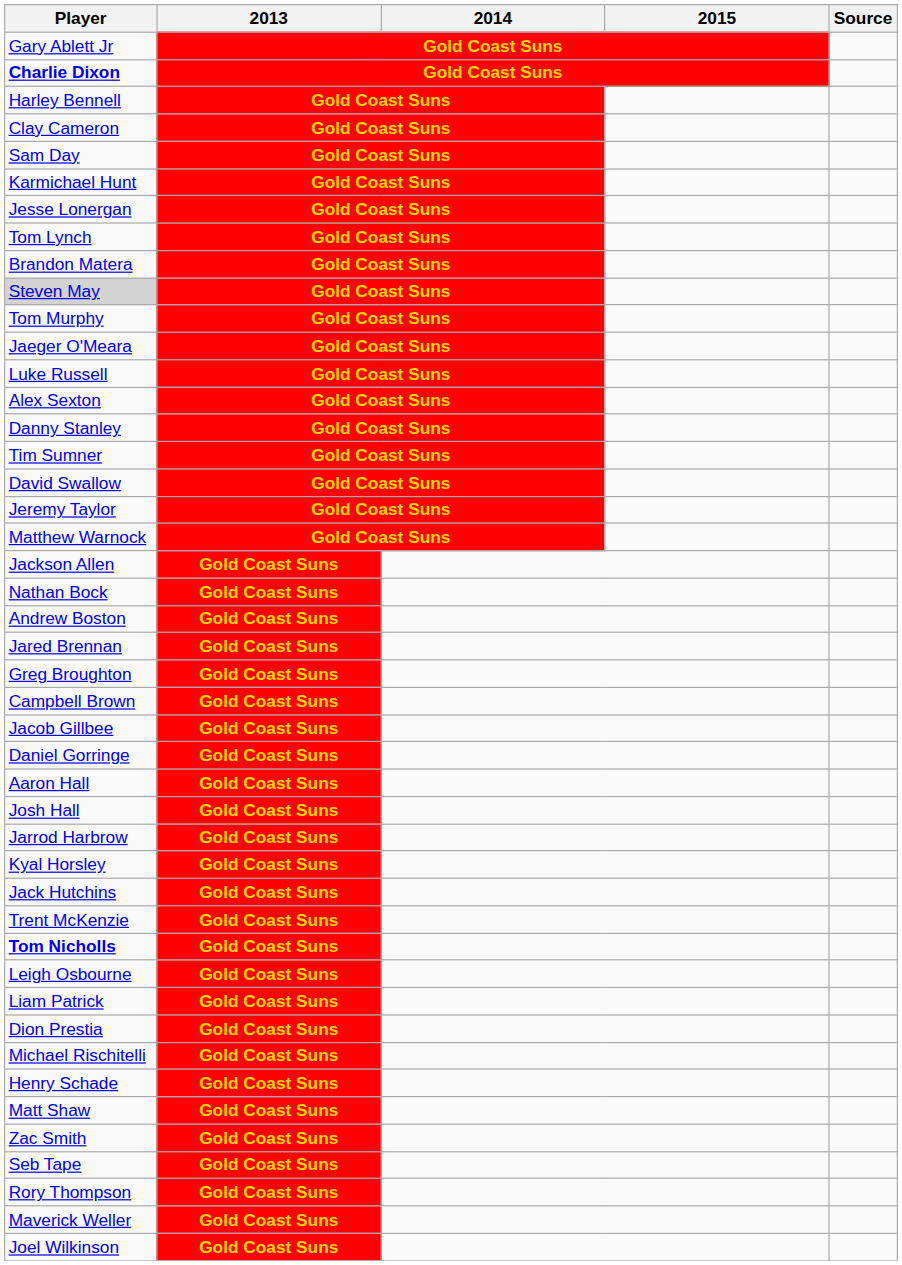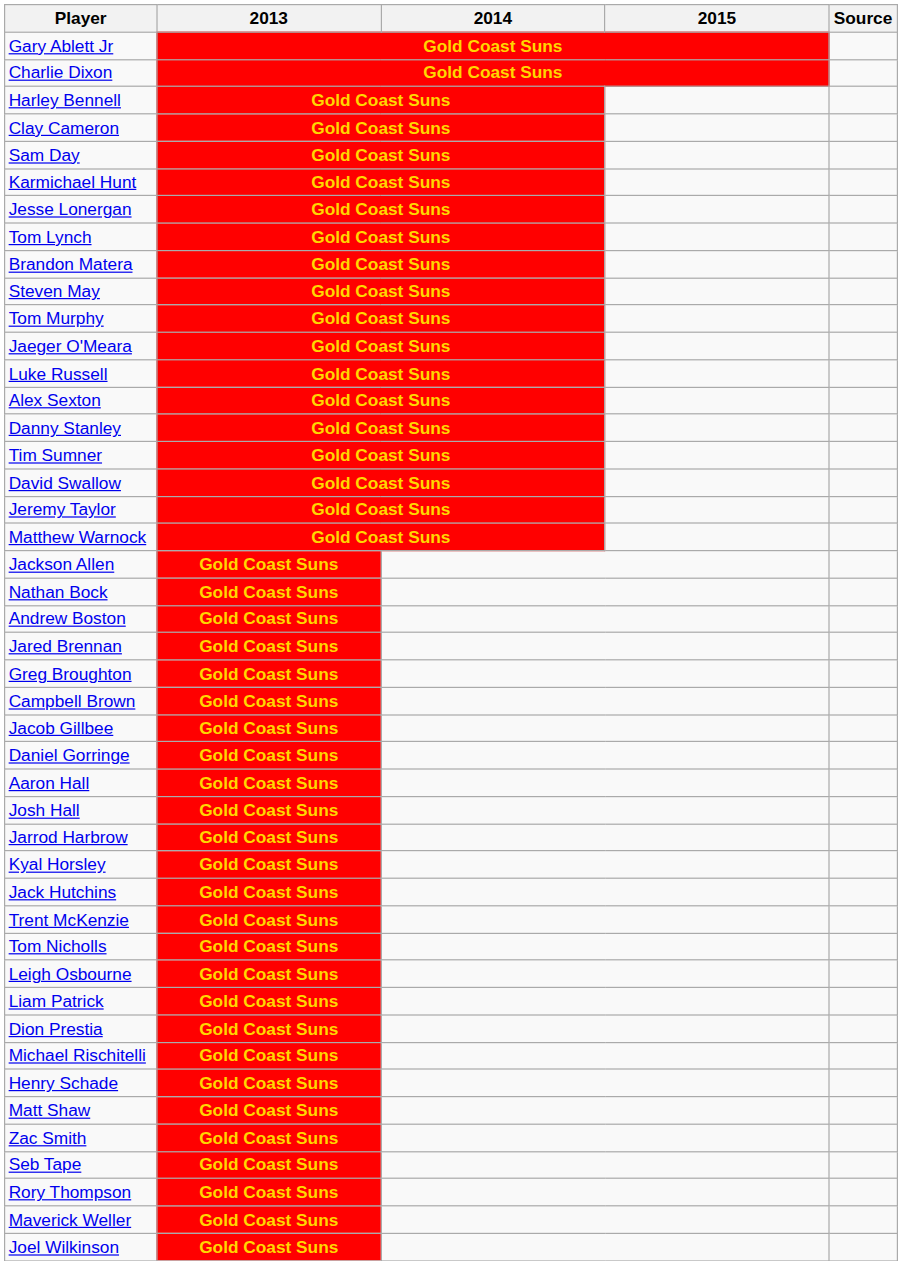 <table class="wikitable" style="font-size:90%">
 <tr>
 <th style="width:120px;">Player</th>
 <th style="width:180px;">2013</th>
 <th style="width:180px;">2014</th>
 <th style="width:180px;">2015</th>
 <th style="width:50px;">Source</th>
 </tr>
 <tr>
 <td><a href='#'>Gary Ablett Jr</a></td>
 <td colspan="3" style="background:red; text-align:center; color:gold;"><strong>Gold Coast Suns</strong></td>
 <td style="text-align:center;"></td>
 </tr>
 <tr>
-<td><strong><a href='#'>Charlie Dixon</a></strong></td>
+<td><a href='#'>Charlie Dixon</a></td>
 <td colspan="3" style="background:red; text-align:center; color:gold;"><strong>Gold Coast Suns</strong></td>
 <td style="text-align:center;"></td>
 </tr>
 <tr>
 <td><a href='#'>Harley Bennell</a></td>
 <td colspan="2" style="background:red; text-align:center; color:gold;"><strong>Gold Coast Suns</strong></td>
 <td></td>
 <td style="text-align:center;"></td>
 </tr>
 <tr>
 <td><a href='#'>Clay Cameron</a></td>
 <td colspan="2" style="background:red; text-align:center; color:gold;"><strong>Gold Coast Suns</strong></td>
 <td></td>
 <td></td>
 </tr>
 <tr>
 <td><a href='#'>Sam Day</a></td>
 <td colspan="2" style="background:red; text-align:center; color:gold;"><strong>Gold Coast Suns</strong></td>
 <td></td>
 <td></td>
 </tr>
 <tr>
 <td><a href='#'>Karmichael Hunt</a></td>
 <td colspan="2" style="background:red; text-align:center; color:gold;"><strong>Gold Coast Suns</strong></td>
 <td></td>
 <td style="text-align:center;"></td>
 </tr>
 <tr>
 <td><a href='#'>Jesse Lonergan</a></td>
 <td colspan="2" style="background:red; text-align:center; color:gold;"><strong>Gold Coast Suns</strong></td>
 <td></td>
 <td></td>
 </tr>
 <tr>
 <td><a href='#'>Tom Lynch</a></td>
 <td colspan="2" style="background:red; text-align:center; color:gold;"><strong>Gold Coast Suns</strong></td>
 <td></td>
 <td></td>
 </tr>
 <tr>
 <td><a href='#'>Brandon Matera</a></td>
 <td colspan="2" style="background:red; text-align:center; color:gold;"><strong>Gold Coast Suns</strong></td>
 <td></td>
 <td></td>
 </tr>
 <tr>
-<td style="background: lightgrey;"><a href='#'>Steven May</a></td>
+<td><a href='#'>Steven May</a></td>
 <td colspan="2" style="background:red; text-align:center; color:gold;"><strong>Gold Coast Suns</strong></td>
 <td></td>
 <td></td>
 </tr>
 <tr>
 <td><a href='#'>Tom Murphy</a></td>
 <td colspan="2" style="background:red; text-align:center; color:gold;"><strong>Gold Coast Suns</strong></td>
 <td></td>
 <td></td>
 </tr>
 <tr>
 <td><a href='#'>Jaeger O'Meara</a></td>
 <td colspan="2" style="background:red; text-align:center; color:gold;"><strong>Gold Coast Suns</strong></td>
 <td></td>
 <td></td>
 </tr>
 <tr>
 <td><a href='#'>Luke Russell</a></td>
 <td colspan="2" style="background:red; text-align:center; color:gold;"><strong>Gold Coast Suns</strong></td>
 <td></td>
 <td></td>
 </tr>
 <tr>
 <td><a href='#'>Alex Sexton</a></td>
 <td colspan="2" style="background:red; text-align:center; color:gold;"><strong>Gold Coast Suns</strong></td>
 <td></td>
 <td></td>
 </tr>
 <tr>
 <td><a href='#'>Danny Stanley</a></td>
 <td colspan="2" style="background:red; text-align:center; color:gold;"><strong>Gold Coast Suns</strong></td>
 <td></td>
 <td></td>
 </tr>
 <tr>
 <td><a href='#'>Tim Sumner</a></td>
 <td colspan="2" style="background:red; text-align:center; color:gold;"><strong>Gold Coast Suns</strong></td>
 <td></td>
 <td></td>
 </tr>
 <tr>
 <td><a href='#'>David Swallow</a></td>
 <td colspan="2" style="background:red; text-align:center; color:gold;"><strong>Gold Coast Suns</strong></td>
 <td></td>
 <td></td>
 </tr>
 <tr>
 <td><a href='#'>Jeremy Taylor</a></td>
 <td colspan="2" style="background:red; text-align:center; color:gold;"><strong>Gold Coast Suns</strong></td>
 <td></td>
 <td></td>
 </tr>
 <tr>
 <td><a href='#'>Matthew Warnock</a></td>
 <td colspan="2" style="background:red; text-align:center; color:gold;"><strong>Gold Coast Suns</strong></td>
 <td></td>
 <td></td>
 </tr>
 <tr>
 <td><a href='#'>Jackson Allen</a></td>
 <td style="background:red; text-align:center; color:gold;"><strong>Gold Coast Suns</strong></td>
 <td colspan="2"></td>
 <td></td>
 </tr>
 <tr>
 <td><a href='#'>Nathan Bock</a></td>
 <td style="background:red; text-align:center; color:gold;"><strong>Gold Coast Suns</strong></td>
 <td colspan="2"></td>
 <td style="text-align:center;"></td>
 </tr>
 <tr>
 <td><a href='#'>Andrew Boston</a></td>
 <td style="background:red; text-align:center; color:gold;"><strong>Gold Coast Suns</strong></td>
 <td colspan="2"></td>
 <td></td>
 </tr>
 <tr>
 <td><a href='#'>Jared Brennan</a></td>
 <td style="background:red; text-align:center; color:gold;"><strong>Gold Coast Suns</strong></td>
 <td colspan="2"></td>
 <td></td>
 </tr>
 <tr>
 <td><a href='#'>Greg Broughton</a></td>
 <td style="background:red; text-align:center; color:gold;"><strong>Gold Coast Suns</strong></td>
 <td colspan="2"></td>
 <td></td>
 </tr>
 <tr>
 <td><a href='#'>Campbell Brown</a></td>
 <td style="background:red; text-align:center; color:gold;"><strong>Gold Coast Suns</strong></td>
 <td colspan="2"></td>
 <td></td>
 </tr>
 <tr>
 <td><a href='#'>Jacob Gillbee</a></td>
 <td style="background:red; text-align:center; color:gold;"><strong>Gold Coast Suns</strong></td>
 <td colspan="2"></td>
 <td></td>
 </tr>
 <tr>
 <td><a href='#'>Daniel Gorringe</a></td>
 <td style="background:red; text-align:center; color:gold;"><strong>Gold Coast Suns</strong></td>
 <td colspan="2"></td>
 <td></td>
 </tr>
 <tr>
 <td><a href='#'>Aaron Hall</a></td>
 <td style="background:red; text-align:center; color:gold;"><strong>Gold Coast Suns</strong></td>
 <td colspan="2"></td>
 <td></td>
 </tr>
 <tr>
 <td><a href='#'>Josh Hall</a></td>
 <td style="background:red; text-align:center; color:gold;"><strong>Gold Coast Suns</strong></td>
 <td colspan="2"></td>
 <td></td>
 </tr>
 <tr>
 <td><a href='#'>Jarrod Harbrow</a></td>
 <td style="background:red; text-align:center; color:gold;"><strong>Gold Coast Suns</strong></td>
 <td colspan="2"></td>
 <td></td>
 </tr>
 <tr>
 <td><a href='#'>Kyal Horsley</a></td>
 <td style="background:red; text-align:center; color:gold;"><strong>Gold Coast Suns</strong></td>
 <td colspan="2"></td>
 <td></td>
 </tr>
 <tr>
 <td><a href='#'>Jack Hutchins</a></td>
 <td style="background:red; text-align:center; color:gold;"><strong>Gold Coast Suns</strong></td>
 <td colspan="2"></td>
 <td></td>
 </tr>
 <tr>
 <td><a href='#'>Trent McKenzie</a></td>
 <td style="background:red; text-align:center; color:gold;"><strong>Gold Coast Suns</strong></td>
 <td colspan="2"></td>
 <td></td>
 </tr>
 <tr>
-<td><strong><a href='#'>Tom Nicholls</a></strong></td>
+<td><a href='#'>Tom Nicholls</a></td>
 <td style="background:red; text-align:center; color:gold;"><strong>Gold Coast Suns</strong></td>
 <td colspan="2"></td>
 <td></td>
 </tr>
 <tr>
 <td><a href='#'>Leigh Osbourne</a></td>
 <td style="background:red; text-align:center; color:gold;"><strong>Gold Coast Suns</strong></td>
 <td colspan="2"></td>
 <td></td>
 </tr>
 <tr>
 <td><a href='#'>Liam Patrick</a></td>
 <td style="background:red; text-align:center; color:gold;"><strong>Gold Coast Suns</strong></td>
 <td colspan="2"></td>
 <td></td>
 </tr>
 <tr>
 <td><a href='#'>Dion Prestia</a></td>
 <td style="background:red; text-align:center; color:gold;"><strong>Gold Coast Suns</strong></td>
 <td colspan="2"></td>
 <td></td>
 </tr>
 <tr>
 <td><a href='#'>Michael Rischitelli</a></td>
 <td style="background:red; text-align:center; color:gold;"><strong>Gold Coast Suns</strong></td>
 <td colspan="2"></td>
 <td></td>
 </tr>
 <tr>
 <td><a href='#'>Henry Schade</a></td>
 <td style="background:red; text-align:center; color:gold;"><strong>Gold Coast Suns</strong></td>
 <td colspan="2"></td>
 <td></td>
 </tr>
 <tr>
 <td><a href='#'>Matt Shaw</a></td>
 <td style="background:red; text-align:center; color:gold;"><strong>Gold Coast Suns</strong></td>
 <td colspan="2"></td>
 <td></td>
 </tr>
 <tr>
 <td><a href='#'>Zac Smith</a></td>
 <td style="background:red; text-align:center; color:gold;"><strong>Gold Coast Suns</strong></td>
 <td colspan="2"></td>
 <td></td>
 </tr>
 <tr>
 <td><a href='#'>Seb Tape</a></td>
 <td style="background:red; text-align:center; color:gold;"><strong>Gold Coast Suns</strong></td>
 <td colspan="2"></td>
 <td></td>
 </tr>
 <tr>
 <td><a href='#'>Rory Thompson</a></td>
 <td style="background:red; text-align:center; color:gold;"><strong>Gold Coast Suns</strong></td>
 <td colspan="2"></td>
 <td></td>
 </tr>
 <tr>
 <td><a href='#'>Maverick Weller</a></td>
 <td style="background:red; text-align:center; color:gold;"><strong>Gold Coast Suns</strong></td>
 <td colspan="2"></td>
 <td></td>
 </tr>
 <tr>
 <td><a href='#'>Joel Wilkinson</a></td>
 <td style="background:red; text-align:center; color:gold;"><strong>Gold Coast Suns</strong></td>
 <td colspan="2"></td>
 <td></td>
 </tr>
 </table>
